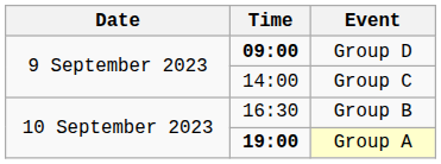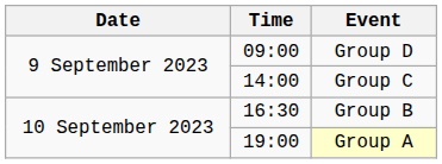 <table class = "wikitable" style="text-align:center;">
 <tr>
 <th width=150>Date</th>
 <th width=50>Time</th>
 <th width=80>Event</th>
 </tr>
 <tr>
 <td rowspan=2>9 September 2023</td>
-<td><strong>09:00</strong></td>
+<td>09:00</td>
 <td>Group D</td>
 </tr>
 <tr>
 <td>14:00</td>
 <td>Group C</td>
 </tr>
 <tr>
 <td rowspan=2>10 September 2023</td>
 <td>16:30</td>
 <td>Group B</td>
 </tr>
 <tr>
-<td><strong>19:00</strong></td>
+<td>19:00</td>
 <td bgcolor=ffffcc>Group A</td>
 </tr>
 </table>
